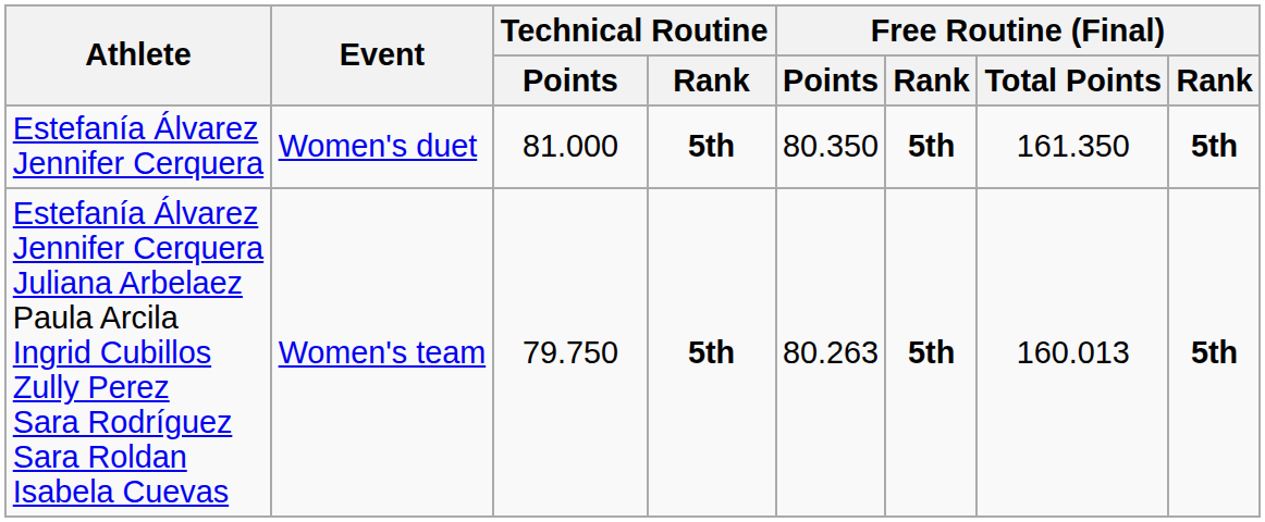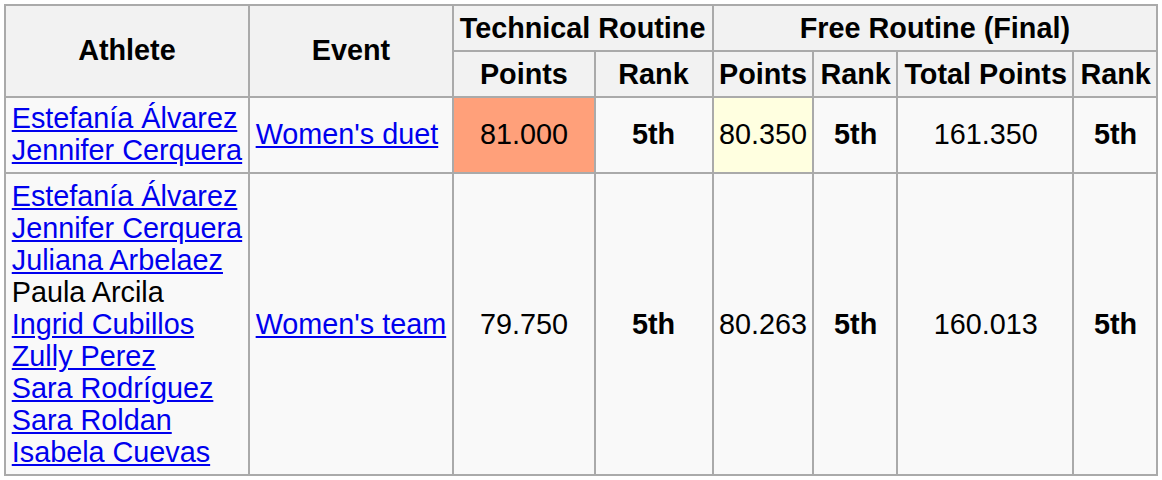 <table class=wikitable style="font-size:90%">
 <tr>
 <th rowspan="2">Athlete</th>
 <th rowspan="2">Event</th>
 <th colspan="2">Technical Routine</th>
 <th colspan="4">Free Routine (Final)</th>
 </tr>
 <tr>
 <th>Points</th>
 <th>Rank</th>
 <th>Points</th>
 <th>Rank</th>
 <th>Total Points</th>
 <th>Rank</th>
 </tr>
 <tr>
 <td><a href='#'>Estefanía Álvarez</a><br><a href='#'>Jennifer Cerquera</a></td>
 <td><a href='#'>Women's duet</a></td>
-<td align=center>81.000</td>
+<td align=center style="background: lightsalmon;">81.000</td>
 <td align=center><strong>5th</strong></td>
-<td align=center>80.350</td>
+<td align=center style="background: lightyellow;">80.350</td>
 <td align=center><strong>5th</strong></td>
 <td align=center>161.350</td>
 <td align=center><strong>5th</strong></td>
 </tr>
 <tr>
 <td><a href='#'>Estefanía Álvarez</a><br><a href='#'>Jennifer Cerquera</a><br><a href='#'>Juliana Arbelaez</a><br>Paula Arcila<br><a href='#'>Ingrid Cubillos</a><br><a href='#'>Zully Perez</a><br><a href='#'>Sara Rodríguez</a><br><a href='#'>Sara Roldan</a><br><a href='#'>Isabela Cuevas</a></td>
 <td><a href='#'>Women's team</a></td>
 <td align=center>79.750</td>
 <td align=center><strong>5th</strong></td>
 <td align=center>80.263</td>
 <td align=center><strong>5th</strong></td>
 <td align=center>160.013</td>
 <td align=center><strong>5th</strong></td>
 </tr>
 </table>
